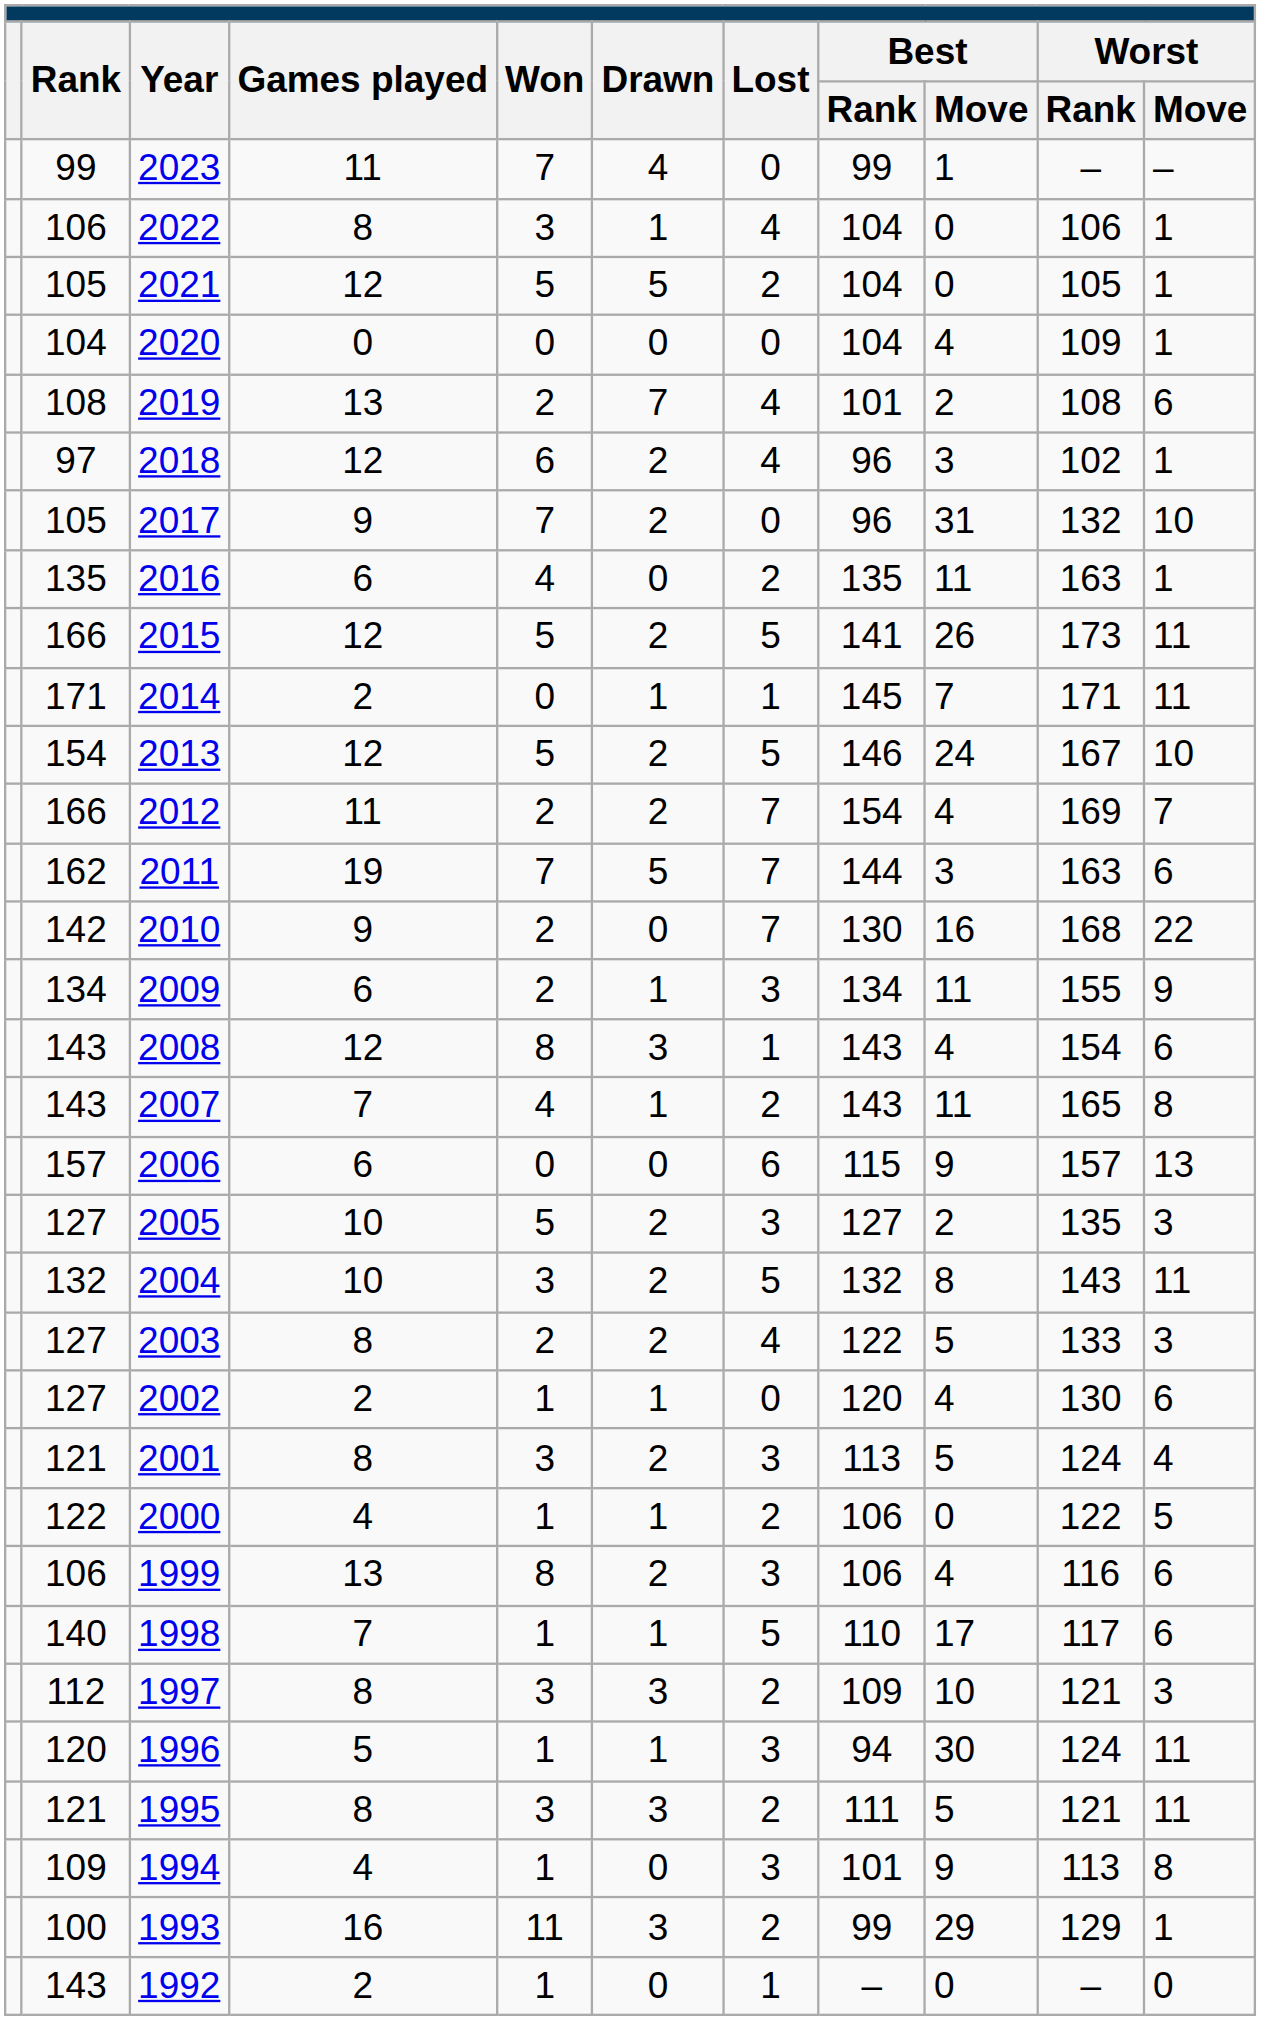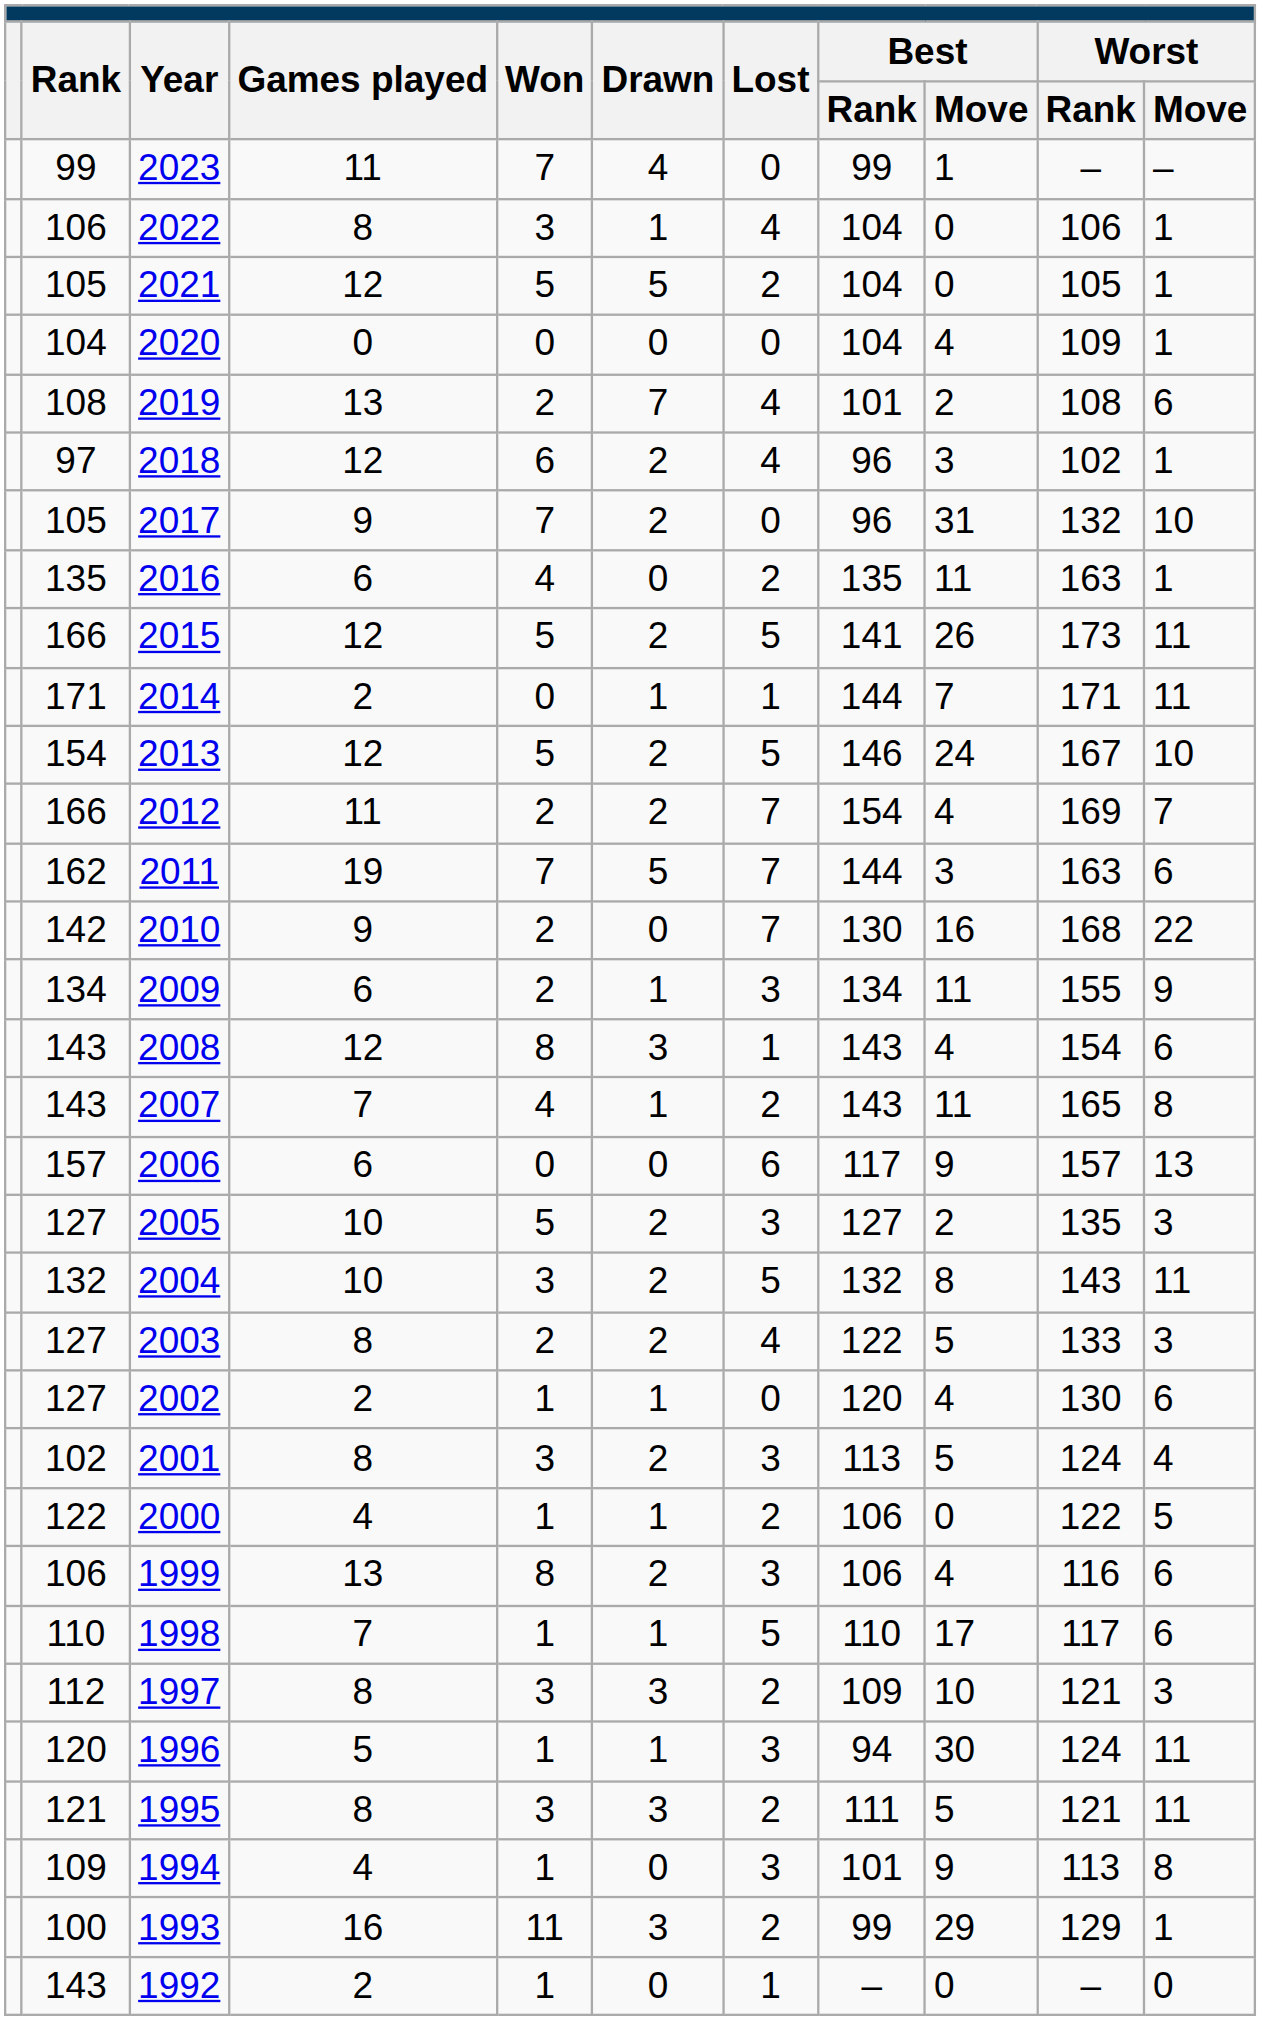 <table class="wikitable sortable" style="text-align:center;">
 <tr>
 <th colspan=12 style="background: #013A5E; color: #FFFFFF;"><a href='#'></a></th>
 </tr>
 <tr>
 <th rowspan=2></th>
 <th rowspan=2>Rank</th>
 <th rowspan=2>Year</th>
 <th rowspan=2>Games played</th>
 <th rowspan=2>Won</th>
 <th rowspan=2>Drawn</th>
 <th rowspan=2>Lost</th>
 <th colspan=2>Best</th>
 <th colspan=2>Worst</th>
 </tr>
 <tr>
 <th>Rank</th>
 <th>Move</th>
 <th>Rank</th>
 <th>Move</th>
 </tr>
 <tr>
 <td></td>
 <td>99</td>
 <td><a href='#'>2023</a></td>
 <td>11</td>
 <td>7</td>
 <td>4</td>
 <td>0</td>
 <td>99</td>
 <td align=left> 1</td>
 <td>–</td>
 <td align=left> –</td>
 </tr>
 <tr>
 <td></td>
 <td>106</td>
 <td><a href='#'>2022</a></td>
 <td>8</td>
 <td>3</td>
 <td>1</td>
 <td>4</td>
 <td>104</td>
 <td align=left> 0</td>
 <td>106</td>
 <td align=left> 1</td>
 </tr>
 <tr>
 <td></td>
 <td>105</td>
 <td><a href='#'>2021</a></td>
 <td>12</td>
 <td>5</td>
 <td>5</td>
 <td>2</td>
 <td>104</td>
 <td align=left> 0</td>
 <td>105</td>
 <td align=left> 1</td>
 </tr>
 <tr>
 <td></td>
 <td>104</td>
 <td><a href='#'>2020</a></td>
 <td>0</td>
 <td>0</td>
 <td>0</td>
 <td>0</td>
 <td>104</td>
 <td align=left> 4</td>
 <td>109</td>
 <td align=left> 1</td>
 </tr>
 <tr>
 <td></td>
 <td>108</td>
 <td><a href='#'>2019</a></td>
 <td>13</td>
 <td>2</td>
 <td>7</td>
 <td>4</td>
 <td>101</td>
 <td align=left> 2</td>
 <td>108</td>
 <td align=left> 6</td>
 </tr>
 <tr>
 <td></td>
 <td>97</td>
 <td><a href='#'>2018</a></td>
 <td>12</td>
 <td>6</td>
 <td>2</td>
 <td>4</td>
 <td>96</td>
 <td align=left> 3</td>
 <td>102</td>
 <td align=left> 1</td>
 </tr>
 <tr>
 <td></td>
 <td>105</td>
 <td><a href='#'>2017</a></td>
 <td>9</td>
 <td>7</td>
 <td>2</td>
 <td>0</td>
 <td>96</td>
 <td align=left> 31</td>
 <td>132</td>
 <td align=left> 10</td>
 </tr>
 <tr>
 <td></td>
 <td>135</td>
 <td><a href='#'>2016</a></td>
 <td>6</td>
 <td>4</td>
 <td>0</td>
 <td>2</td>
 <td>135</td>
 <td align=left>  11</td>
 <td>163</td>
 <td align=left> 1</td>
 </tr>
 <tr>
 <td></td>
 <td>166</td>
 <td><a href='#'>2015</a></td>
 <td>12</td>
 <td>5</td>
 <td>2</td>
 <td>5</td>
 <td>141</td>
 <td align=left> 26</td>
 <td>173</td>
 <td align=left> 11</td>
 </tr>
 <tr>
 <td></td>
 <td>171</td>
 <td><a href='#'>2014</a></td>
 <td>2</td>
 <td>0</td>
 <td>1</td>
 <td>1</td>
-<td>145</td>
+<td>144</td>
 <td align=left>  7</td>
 <td>171</td>
 <td align=left> 11</td>
 </tr>
 <tr>
 <td></td>
 <td>154</td>
 <td><a href='#'>2013</a></td>
 <td>12</td>
 <td>5</td>
 <td>2</td>
 <td>5</td>
 <td>146</td>
 <td align=left>  24</td>
 <td>167</td>
 <td align=left> 10</td>
 </tr>
 <tr>
 <td></td>
 <td>166</td>
 <td><a href='#'>2012</a></td>
 <td>11</td>
 <td>2</td>
 <td>2</td>
 <td>7</td>
 <td>154</td>
 <td align=left>  4</td>
 <td>169</td>
 <td align=left> 7</td>
 </tr>
 <tr>
 <td></td>
 <td>162</td>
 <td><a href='#'>2011</a></td>
 <td>19</td>
 <td>7</td>
 <td>5</td>
 <td>7</td>
 <td>144</td>
 <td align=left>  3</td>
 <td>163</td>
 <td align=left> 6</td>
 </tr>
 <tr>
 <td></td>
 <td>142</td>
 <td><a href='#'>2010</a></td>
 <td>9</td>
 <td>2</td>
 <td>0</td>
 <td>7</td>
 <td>130</td>
 <td align=left>  16</td>
 <td>168</td>
 <td align=left> 22</td>
 </tr>
 <tr>
 <td></td>
 <td>134</td>
 <td><a href='#'>2009</a></td>
 <td>6</td>
 <td>2</td>
 <td>1</td>
 <td>3</td>
 <td>134</td>
 <td align=left>  11</td>
 <td>155</td>
 <td align=left> 9</td>
 </tr>
 <tr>
 <td></td>
 <td>143</td>
 <td><a href='#'>2008</a></td>
 <td>12</td>
 <td>8</td>
 <td>3</td>
 <td>1</td>
 <td>143</td>
 <td align=left>  4</td>
 <td>154</td>
 <td align=left> 6</td>
 </tr>
 <tr>
 <td></td>
 <td>143</td>
 <td><a href='#'>2007</a></td>
 <td>7</td>
 <td>4</td>
 <td>1</td>
 <td>2</td>
 <td>143</td>
 <td align=left>  11</td>
 <td>165</td>
 <td align=left> 8</td>
 </tr>
 <tr>
 <td></td>
 <td>157</td>
 <td><a href='#'>2006</a></td>
 <td>6</td>
 <td>0</td>
 <td>0</td>
 <td>6</td>
-<td>115</td>
+<td>117</td>
 <td align=left>  9</td>
 <td>157</td>
 <td align=left> 13</td>
 </tr>
 <tr>
 <td></td>
 <td>127</td>
 <td><a href='#'>2005</a></td>
 <td>10</td>
 <td>5</td>
 <td>2</td>
 <td>3</td>
 <td>127</td>
 <td align=left>  2</td>
 <td>135</td>
 <td align=left> 3</td>
 </tr>
 <tr>
 <td></td>
 <td>132</td>
 <td><a href='#'>2004</a></td>
 <td>10</td>
 <td>3</td>
 <td>2</td>
 <td>5</td>
 <td>132</td>
 <td align=left>  8</td>
 <td>143</td>
 <td align=left> 11</td>
 </tr>
 <tr>
 <td></td>
 <td>127</td>
 <td><a href='#'>2003</a></td>
 <td>8</td>
 <td>2</td>
 <td>2</td>
 <td>4</td>
 <td>122</td>
 <td align=left>  5</td>
 <td>133</td>
 <td align=left> 3</td>
 </tr>
 <tr>
 <td></td>
 <td>127</td>
 <td><a href='#'>2002</a></td>
 <td>2</td>
 <td>1</td>
 <td>1</td>
 <td>0</td>
 <td>120</td>
 <td align=left>  4</td>
 <td>130</td>
 <td align=left> 6</td>
 </tr>
 <tr>
 <td></td>
-<td>121</td>
+<td>102</td>
 <td><a href='#'>2001</a></td>
 <td>8</td>
 <td>3</td>
 <td>2</td>
 <td>3</td>
 <td>113</td>
 <td align=left>  5</td>
 <td>124</td>
 <td align=left> 4</td>
 </tr>
 <tr>
 <td></td>
 <td>122</td>
 <td><a href='#'>2000</a></td>
 <td>4</td>
 <td>1</td>
 <td>1</td>
 <td>2</td>
 <td>106</td>
 <td align=left>  0</td>
 <td>122</td>
 <td align=left> 5</td>
 </tr>
 <tr>
 <td></td>
 <td>106</td>
 <td><a href='#'>1999</a></td>
 <td>13</td>
 <td>8</td>
 <td>2</td>
 <td>3</td>
 <td>106</td>
 <td align=left>  4</td>
 <td>116</td>
 <td align=left> 6</td>
 </tr>
 <tr>
 <td></td>
-<td>140</td>
+<td>110</td>
 <td><a href='#'>1998</a></td>
 <td>7</td>
 <td>1</td>
 <td>1</td>
 <td>5</td>
 <td>110</td>
 <td align=left>  17</td>
 <td>117</td>
 <td align=left> 6</td>
 </tr>
 <tr>
 <td></td>
 <td>112</td>
 <td><a href='#'>1997</a></td>
 <td>8</td>
 <td>3</td>
 <td>3</td>
 <td>2</td>
 <td>109</td>
 <td align=left>  10</td>
 <td>121</td>
 <td align=left> 3</td>
 </tr>
 <tr>
 <td></td>
 <td>120</td>
 <td><a href='#'>1996</a></td>
 <td>5</td>
 <td>1</td>
 <td>1</td>
 <td>3</td>
 <td>94</td>
 <td align=left>  30</td>
 <td>124</td>
 <td align=left> 11</td>
 </tr>
 <tr>
 <td></td>
 <td>121</td>
 <td><a href='#'>1995</a></td>
 <td>8</td>
 <td>3</td>
 <td>3</td>
 <td>2</td>
 <td>111</td>
 <td align=left>  5</td>
 <td>121</td>
 <td align=left> 11</td>
 </tr>
 <tr>
 <td></td>
 <td>109</td>
 <td><a href='#'>1994</a></td>
 <td>4</td>
 <td>1</td>
 <td>0</td>
 <td>3</td>
 <td>101</td>
 <td align=left>  9</td>
 <td>113</td>
 <td align=left> 8</td>
 </tr>
 <tr>
 <td></td>
 <td>100</td>
 <td><a href='#'>1993</a></td>
 <td>16</td>
 <td>11</td>
 <td>3</td>
 <td>2</td>
 <td>99</td>
 <td align=left>  29</td>
 <td>129</td>
 <td align=left> 1</td>
 </tr>
 <tr>
 <td></td>
 <td>143</td>
 <td><a href='#'>1992</a></td>
 <td>2</td>
 <td>1</td>
 <td>0</td>
 <td>1</td>
 <td>–</td>
 <td align=left>  0</td>
 <td>–</td>
 <td align=left> 0</td>
 </tr>
 </table>
